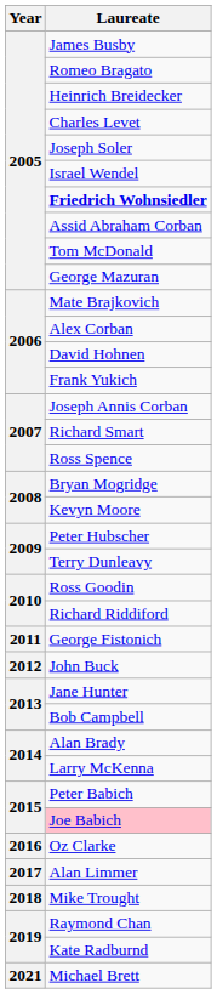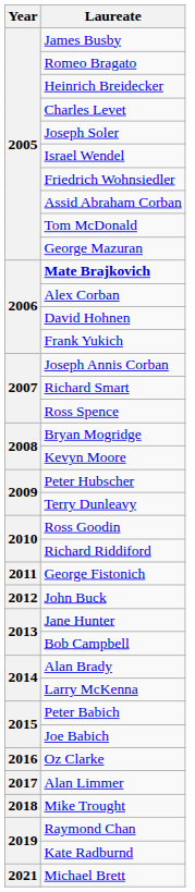 <table class="wikitable">
 <tr>
 <th>Year</th>
 <th>Laureate</th>
 </tr>
 <tr>
 <th rowspan=10>2005</th>
 <td><a href='#'>James Busby</a></td>
 </tr>
 <tr>
 <td><a href='#'>Romeo Bragato</a></td>
 </tr>
 <tr>
 <td><a href='#'>Heinrich Breidecker</a></td>
 </tr>
 <tr>
 <td><a href='#'>Charles Levet</a></td>
 </tr>
 <tr>
 <td><a href='#'>Joseph Soler</a></td>
 </tr>
 <tr>
 <td><a href='#'>Israel Wendel</a></td>
 </tr>
 <tr>
-<td><strong><a href='#'>Friedrich Wohnsiedler</a></strong></td>
+<td><a href='#'>Friedrich Wohnsiedler</a></td>
 </tr>
 <tr>
 <td><a href='#'>Assid Abraham Corban</a></td>
 </tr>
 <tr>
 <td><a href='#'>Tom McDonald</a></td>
 </tr>
 <tr>
 <td><a href='#'>George Mazuran</a></td>
 </tr>
 <tr>
 <th rowspan=4>2006</th>
-<td><a href='#'>Mate Brajkovich</a></td>
+<td><strong><a href='#'>Mate Brajkovich</a></strong></td>
 </tr>
 <tr>
 <td><a href='#'>Alex Corban</a></td>
 </tr>
 <tr>
 <td><a href='#'>David Hohnen</a></td>
 </tr>
 <tr>
 <td><a href='#'>Frank Yukich</a></td>
 </tr>
 <tr>
 <th rowspan=3>2007</th>
 <td><a href='#'>Joseph Annis Corban</a></td>
 </tr>
 <tr>
 <td><a href='#'>Richard Smart</a></td>
 </tr>
 <tr>
 <td><a href='#'>Ross Spence</a></td>
 </tr>
 <tr>
 <th rowspan=2>2008</th>
 <td><a href='#'>Bryan Mogridge</a></td>
 </tr>
 <tr>
 <td><a href='#'>Kevyn Moore</a></td>
 </tr>
 <tr>
 <th rowspan=2>2009</th>
 <td><a href='#'>Peter Hubscher</a></td>
 </tr>
 <tr>
 <td><a href='#'>Terry Dunleavy</a></td>
 </tr>
 <tr>
 <th rowspan=2>2010</th>
 <td><a href='#'>Ross Goodin</a></td>
 </tr>
 <tr>
 <td><a href='#'>Richard Riddiford</a></td>
 </tr>
 <tr>
 <th>2011</th>
 <td><a href='#'>George Fistonich</a></td>
 </tr>
 <tr>
 <th>2012</th>
 <td><a href='#'>John Buck</a></td>
 </tr>
 <tr>
 <th rowspan=2>2013</th>
 <td><a href='#'>Jane Hunter</a></td>
 </tr>
 <tr>
 <td><a href='#'>Bob Campbell</a></td>
 </tr>
 <tr>
 <th rowspan=2>2014</th>
 <td><a href='#'>Alan Brady</a></td>
 </tr>
 <tr>
 <td><a href='#'>Larry McKenna</a></td>
 </tr>
 <tr>
 <th rowspan=2>2015</th>
 <td><a href='#'>Peter Babich</a></td>
 </tr>
 <tr>
-<td style="background: pink;"><a href='#'>Joe Babich</a></td>
+<td><a href='#'>Joe Babich</a></td>
 </tr>
 <tr>
 <th>2016</th>
 <td><a href='#'>Oz Clarke</a></td>
 </tr>
 <tr>
 <th>2017</th>
 <td><a href='#'>Alan Limmer</a></td>
 </tr>
 <tr>
 <th>2018</th>
 <td><a href='#'>Mike Trought</a></td>
 </tr>
 <tr>
 <th rowspan=2>2019</th>
 <td><a href='#'>Raymond Chan</a></td>
 </tr>
 <tr>
 <td><a href='#'>Kate Radburnd</a></td>
 </tr>
 <tr>
 <th>2021</th>
 <td><a href='#'>Michael Brett</a></td>
 </tr>
 </table>
